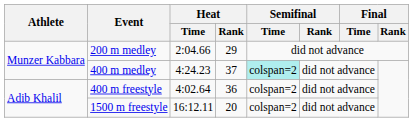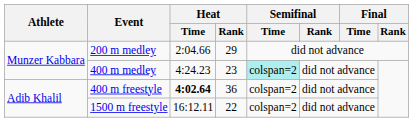 <table class="wikitable" style="text-align:center; font-size:90%">
 <tr>
 <th rowspan="2">Athlete</th>
 <th rowspan="2">Event</th>
 <th colspan="2">Heat</th>
 <th colspan="2">Semifinal</th>
 <th colspan="2">Final</th>
 </tr>
 <tr style="font-size:95%">
 <th>Time</th>
 <th>Rank</th>
 <th>Time</th>
 <th>Rank</th>
 <th>Time</th>
 <th>Rank</th>
 </tr>
 <tr>
 <td align=left rowspan=2><a href='#'>Munzer Kabbara</a></td>
 <td align=left><a href='#'>200 m medley</a></td>
 <td>2:04.66</td>
 <td>29</td>
 <td colspan=4>did not advance</td>
 </tr>
 <tr>
 <td align=left><a href='#'>400 m medley</a></td>
 <td>4:24.23</td>
-<td>37</td>
+<td>23</td>
 <td style="background: paleturquoise;">colspan=2 </td>
 <td colspan=2>did not advance</td>
 </tr>
 <tr>
 <td align=left rowspan=2><a href='#'>Adib Khalil</a></td>
 <td align=left><a href='#'>400 m freestyle</a></td>
-<td>4:02.64</td>
+<td><strong>4:02.64</strong></td>
 <td>36</td>
 <td>colspan=2 </td>
 <td colspan=2>did not advance</td>
 </tr>
 <tr>
 <td align=left><a href='#'>1500 m freestyle</a></td>
 <td>16:12.11</td>
-<td>20</td>
+<td>22</td>
 <td>colspan=2 </td>
 <td colspan=2>did not advance</td>
 </tr>
 </table>
